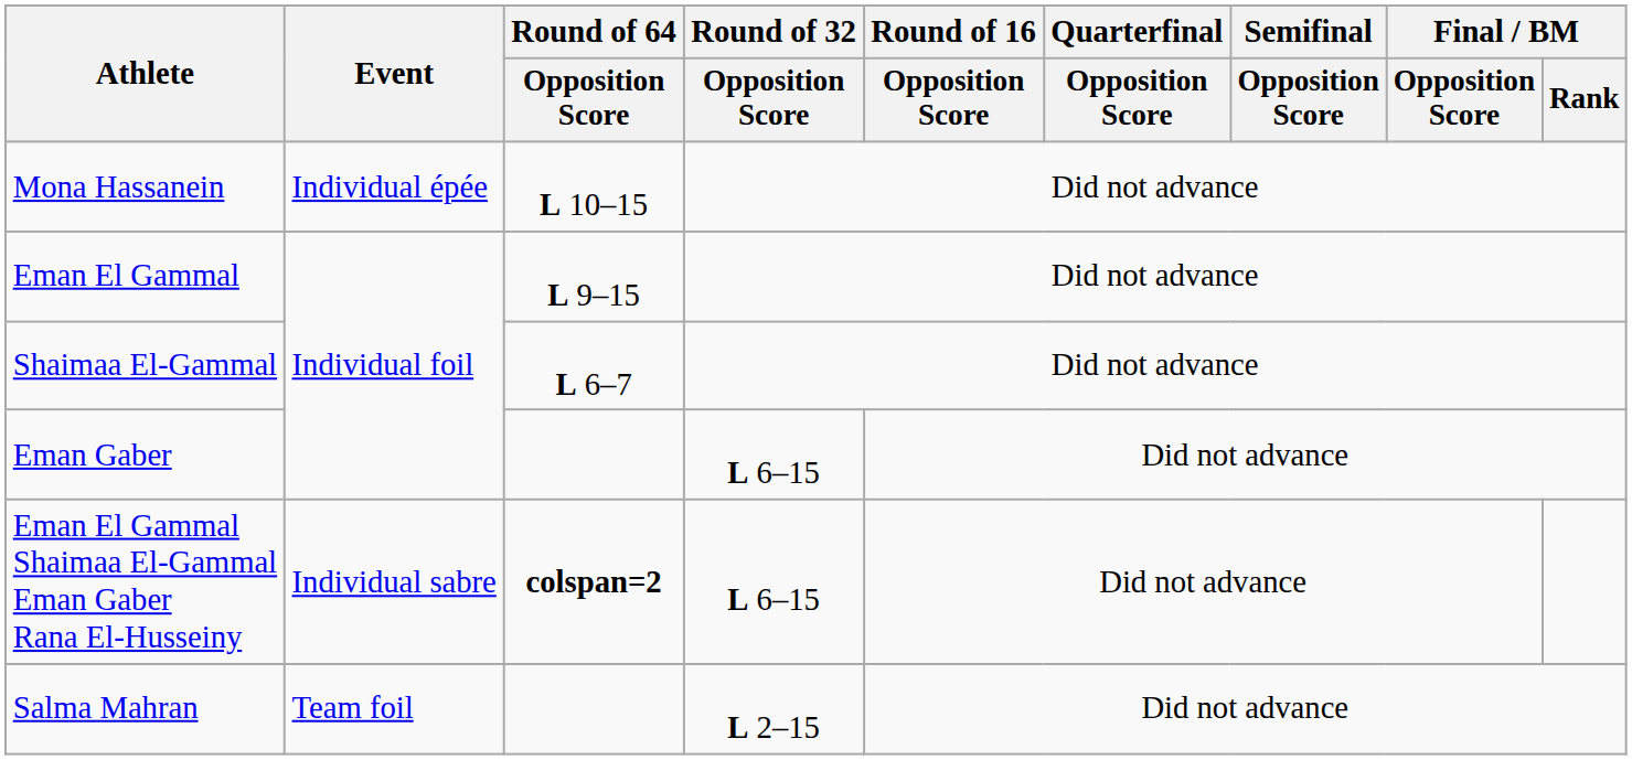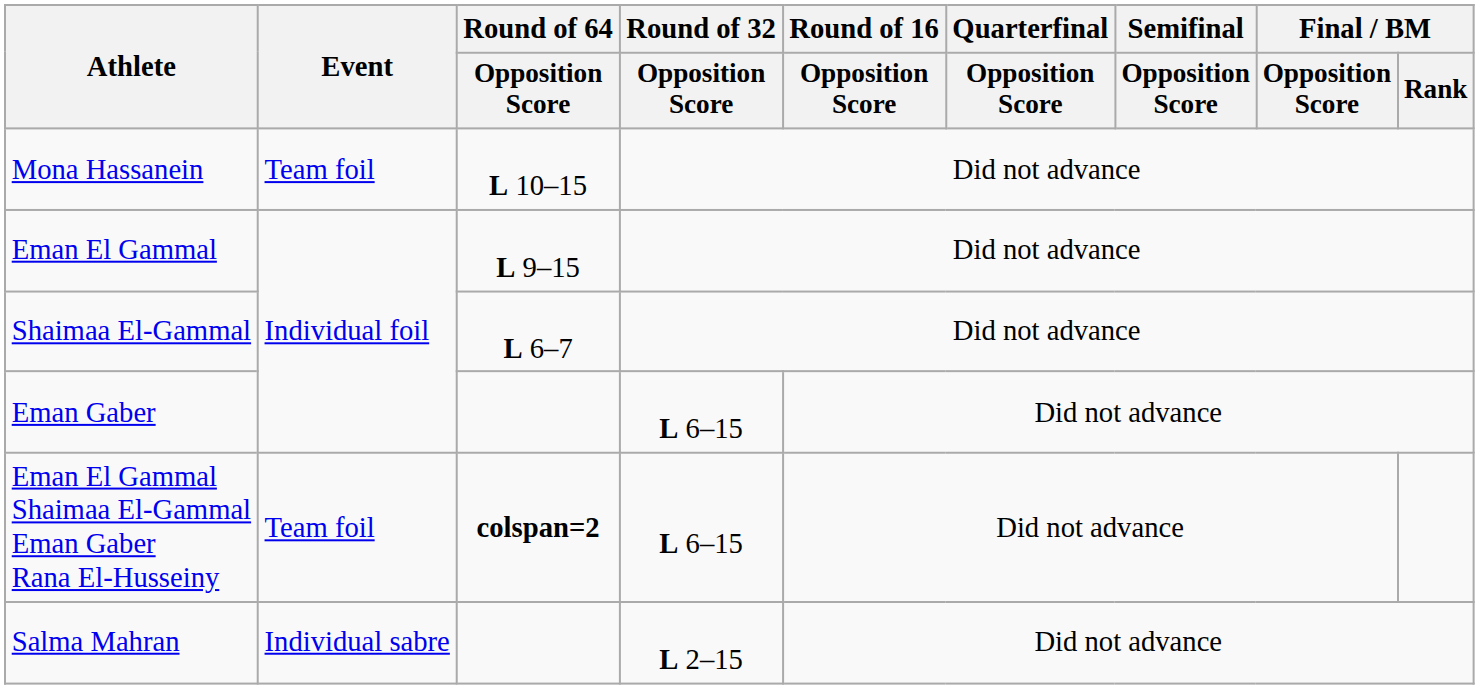 <table class="wikitable" style="font-size:90%">
 <tr>
 <th scope="col" rowspan=2>Athlete</th>
 <th scope="col" rowspan=2>Event</th>
 <th scope="col">Round of 64</th>
 <th scope="col">Round of 32</th>
 <th scope="col">Round of 16</th>
 <th scope="col">Quarterfinal</th>
 <th scope="col">Semifinal</th>
 <th scope="col" colspan=2>Final / BM</th>
 </tr>
 <tr style="font-size:95%">
 <th scope="col">Opposition <br> Score</th>
 <th scope="col">Opposition <br> Score</th>
 <th scope="col">Opposition <br> Score</th>
 <th scope="col">Opposition <br> Score</th>
 <th scope="col">Opposition <br> Score</th>
 <th scope="col">Opposition <br> Score</th>
 <th scope="col">Rank</th>
 </tr>
 <tr align=center>
 <td align=left><a href='#'>Mona Hassanein</a></td>
-<td align=left><a href='#'>Individual épée</a></td>
+<td align=left><a href='#'>Team foil</a></td>
 <td><br><strong>L</strong> 10–15</td>
 <td colspan=6 align=center>Did not advance</td>
 </tr>
 <tr align=center>
 <td align=left><a href='#'>Eman El Gammal</a></td>
 <td align=left rowspan=3><a href='#'>Individual foil</a></td>
 <td><br><strong>L</strong> 9–15</td>
 <td colspan=6>Did not advance</td>
 </tr>
 <tr align=center>
 <td align=left><a href='#'>Shaimaa El-Gammal</a></td>
 <td><br><strong>L</strong> 6–7</td>
 <td colspan=6>Did not advance</td>
 </tr>
 <tr align=center>
 <td align=left><a href='#'>Eman Gaber</a></td>
 <td></td>
 <td><br><strong>L</strong> 6–15</td>
 <td colspan=5>Did not advance</td>
 </tr>
 <tr align=center>
 <td align=left><a href='#'>Eman El Gammal</a><br><a href='#'>Shaimaa El-Gammal</a><br><a href='#'>Eman Gaber</a><br><a href='#'>Rana El-Husseiny</a></td>
-<td align=left><a href='#'>Individual sabre</a></td>
+<td align=left><a href='#'>Team foil</a></td>
 <td><strong>colspan=2 </strong></td>
 <td><br><strong>L</strong> 6–15</td>
 <td colspan=4>Did not advance</td>
 </tr>
 <tr align=center>
 <td align=left><a href='#'>Salma Mahran</a></td>
-<td align=left><a href='#'>Team foil</a></td>
+<td align=left><a href='#'>Individual sabre</a></td>
 <td></td>
 <td><br><strong>L</strong> 2–15</td>
 <td colspan=5>Did not advance</td>
 </tr>
 </table>
